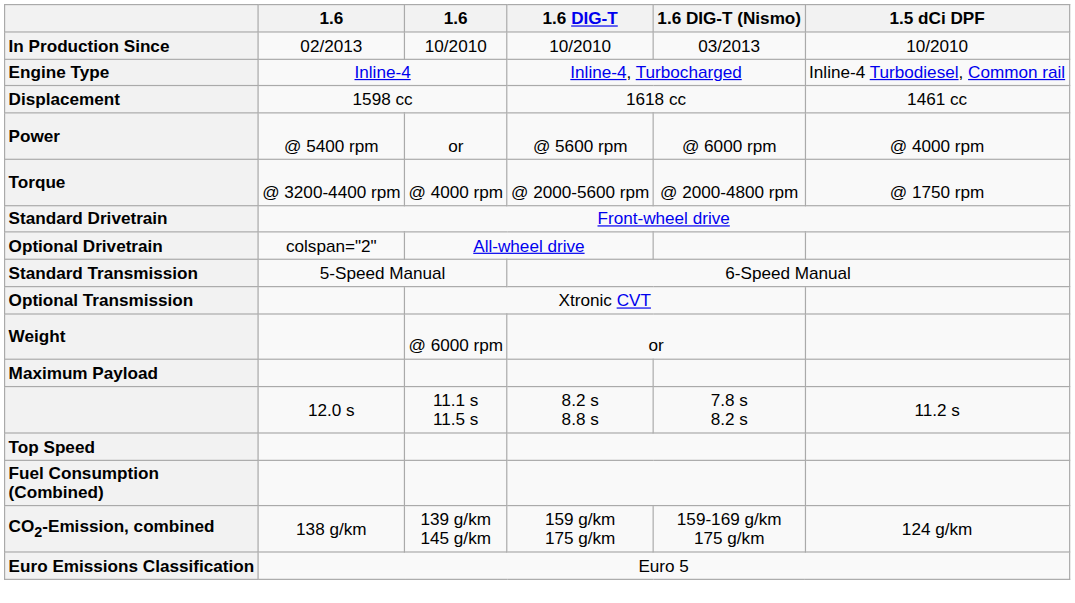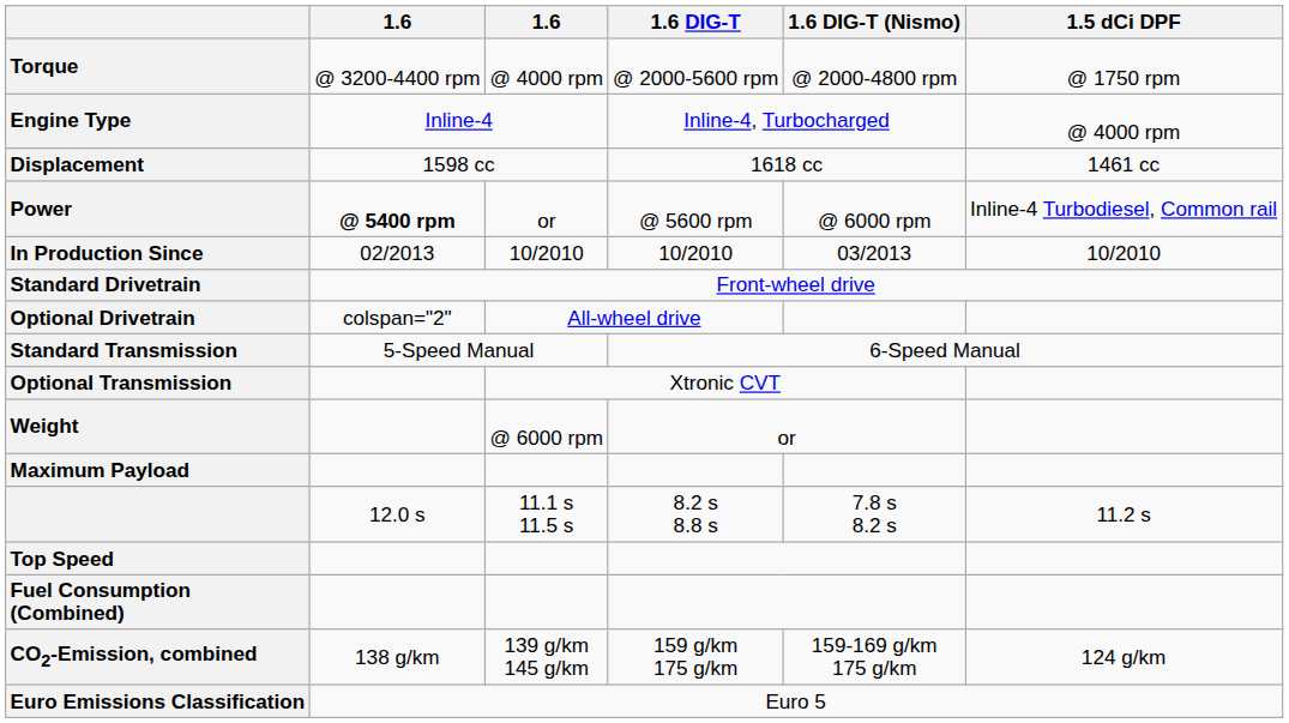 <table class="wikitable" style="text-align:center; font-size:90%;">
 <tr>
 <th></th>
 <th>1.6</th>
 <th>1.6</th>
 <th>1.6 <a href='#'>DIG-T</a></th>
 <th>1.6 DIG-T (Nismo)</th>
 <th>1.5 dCi DPF</th>
 </tr>
 <tr>
-<th style="text-align: left;">In Production Since</th>
-<td>02/2013</td>
-<td>10/2010</td>
-<td>10/2010</td>
-<td>03/2013</td>
-<td>10/2010</td>
+<th style="text-align: left;">Torque</th>
+<td><br>@ 3200-4400 rpm</td>
+<td><br>@ 4000 rpm</td>
+<td><br>@ 2000-5600 rpm</td>
+<td><br>@ 2000-4800 rpm</td>
+<td><br>@ 1750 rpm</td>
 </tr>
 <tr>
 <th style="text-align: left;">Engine Type</th>
 <td colspan="2"><a href='#'>Inline-4</a></td>
 <td colspan="2"><a href='#'>Inline-4</a>, <a href='#'>Turbocharged</a></td>
-<td>Inline-4 <a href='#'>Turbodiesel</a>, <a href='#'>Common rail</a></td>
+<td><br>@ 4000 rpm</td>
 </tr>
 <tr>
 <th style="text-align: left;">Displacement</th>
 <td colspan="2">1598 cc</td>
 <td colspan="2">1618 cc</td>
 <td>1461 cc</td>
 </tr>
 <tr>
 <th style="text-align: left;">Power</th>
-<td><br>@ 5400 rpm</td>
+<td><strong><br>@ 5400 rpm</strong></td>
 <td><br>or<br></td>
 <td><br>@ 5600 rpm</td>
 <td><br>@ 6000 rpm</td>
-<td><br>@ 4000 rpm</td>
+<td>Inline-4 <a href='#'>Turbodiesel</a>, <a href='#'>Common rail</a></td>
 </tr>
 <tr>
-<th style="text-align: left;">Torque</th>
-<td><br>@ 3200-4400 rpm</td>
-<td><br>@ 4000 rpm</td>
-<td><br>@ 2000-5600 rpm</td>
-<td><br>@ 2000-4800 rpm</td>
-<td><br>@ 1750 rpm</td>
+<th style="text-align: left;">In Production Since</th>
+<td>02/2013</td>
+<td>10/2010</td>
+<td>10/2010</td>
+<td>03/2013</td>
+<td>10/2010</td>
 </tr>
 <tr>
 <th style="text-align: left;">Standard Drivetrain</th>
 <td colspan="5"><a href='#'>Front-wheel drive</a></td>
 </tr>
 <tr>
 <th style="text-align: left;">Optional Drivetrain</th>
 <td>colspan="2" </td>
 <td colspan="2"><a href='#'>All-wheel drive</a></td>
 <td></td>
 </tr>
 <tr>
 <th style="text-align: left;">Standard Transmission</th>
 <td colspan="2">5-Speed Manual</td>
 <td colspan="3">6-Speed Manual</td>
 </tr>
 <tr>
 <th style="text-align: left;">Optional Transmission</th>
 <td></td>
 <td colspan="3">Xtronic <a href='#'>CVT</a></td>
 <td></td>
 </tr>
 <tr>
 <th style="text-align: left;">Weight</th>
 <td></td>
 <td><br>@ 6000 rpm</td>
 <td colspan="2"><br>or<br></td>
 <td></td>
 </tr>
 <tr>
 <th style="text-align: left;">Maximum Payload</th>
 <td></td>
 <td></td>
 <td></td>
 <td></td>
 <td></td>
 </tr>
 <tr>
 <th style="text-align: left;"></th>
 <td>12.0 s</td>
 <td>11.1 s<br>11.5 s</td>
 <td>8.2 s<br>8.8 s</td>
 <td>7.8 s<br>8.2 s</td>
 <td>11.2 s</td>
 </tr>
 <tr>
 <th style="text-align: left;">Top Speed</th>
 <td></td>
 <td><br></td>
 <td colspan="2"><br></td>
 <td></td>
 </tr>
 <tr>
 <th style="text-align: left;">Fuel Consumption<br>(Combined)</th>
 <td></td>
 <td><br></td>
 <td colspan="2"><br></td>
 <td></td>
 </tr>
 <tr>
 <th style="text-align: left;">CO<sub>2</sub>-Emission, combined</th>
 <td>138 g/km</td>
 <td>139 g/km<br>145 g/km</td>
 <td>159 g/km<br>175 g/km</td>
 <td>159-169 g/km<br>175 g/km</td>
 <td>124 g/km</td>
 </tr>
 <tr>
 <th style="text-align: left;">Euro Emissions Classification</th>
 <td colspan="5">Euro 5</td>
 </tr>
 </table>
